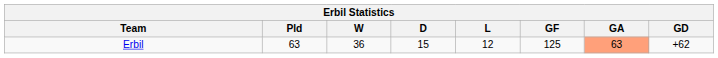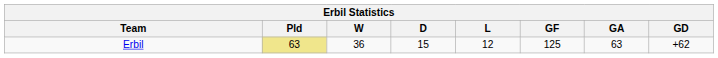 <table width=70% class="wikitable" style="text-align:">
 <tr>
 <th colspan=9>Erbil Statistics</th>
 </tr>
 <tr>
 <th width=20%>Team</th>
 <th width=5%>Pld</th>
 <th width=5%>W</th>
 <th width=5%>D</th>
 <th width=5%>L</th>
 <th width=5%>GF</th>
 <th width=5%>GA</th>
 <th width=5%>GD</th>
 </tr>
 <tr align=center>
 <td align=center> <a href='#'>Erbil</a></td>
-<td>63</td>
+<td style="background: khaki;">63</td>
 <td>36</td>
 <td>15</td>
 <td>12</td>
 <td>125</td>
-<td style="background: lightsalmon;">63</td>
+<td>63</td>
 <td>+62</td>
 </tr>
 </table>
